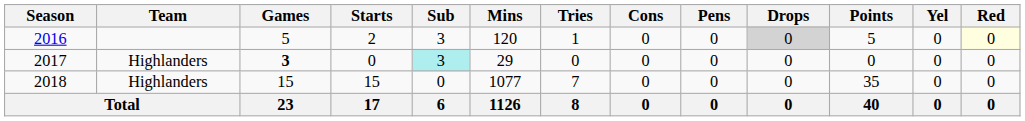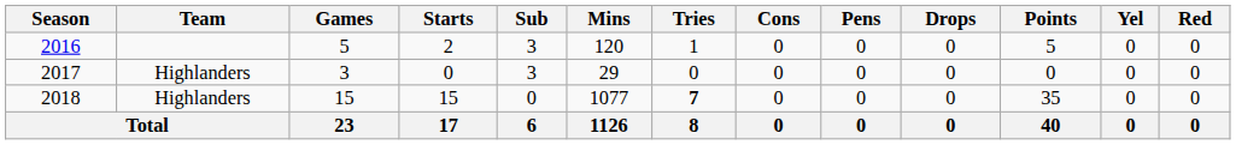 <table class="wikitable" style="text-align:center; line-height:90%; font-size:95%; width:60%;">
 <tr>
 <th>Season</th>
 <th>Team</th>
 <th>Games</th>
 <th>Starts</th>
 <th>Sub</th>
 <th>Mins</th>
 <th>Tries</th>
 <th>Cons</th>
 <th>Pens</th>
 <th>Drops</th>
 <th>Points</th>
 <th>Yel</th>
 <th>Red</th>
 </tr>
 <tr>
 <td><a href='#'>2016</a></td>
 <td></td>
 <td>5</td>
 <td>2</td>
 <td>3</td>
 <td>120</td>
 <td>1</td>
 <td>0</td>
 <td>0</td>
-<td style="background: lightgrey;">0</td>
+<td>0</td>
 <td>5</td>
 <td>0</td>
-<td style="background: lightyellow;">0</td>
+<td>0</td>
 </tr>
 <tr>
 <td>2017</td>
 <td>Highlanders</td>
-<td><strong>3</strong></td>
+<td>3</td>
 <td>0</td>
-<td style="background: paleturquoise;">3</td>
+<td>3</td>
 <td>29</td>
 <td>0</td>
 <td>0</td>
 <td>0</td>
 <td>0</td>
 <td>0</td>
 <td>0</td>
 <td>0</td>
 </tr>
 <tr>
 <td>2018</td>
 <td>Highlanders</td>
 <td>15</td>
 <td>15</td>
 <td>0</td>
 <td>1077</td>
-<td>7</td>
+<td><strong>7</strong></td>
 <td>0</td>
 <td>0</td>
 <td>0</td>
 <td>35</td>
 <td>0</td>
 <td>0</td>
 </tr>
 <tr>
 <th colspan="2">Total</th>
 <th>23</th>
 <th>17</th>
 <th>6</th>
 <th>1126</th>
 <th>8</th>
 <th>0</th>
 <th>0</th>
 <th>0</th>
 <th>40</th>
 <th>0</th>
 <th>0</th>
 </tr>
 </table>
